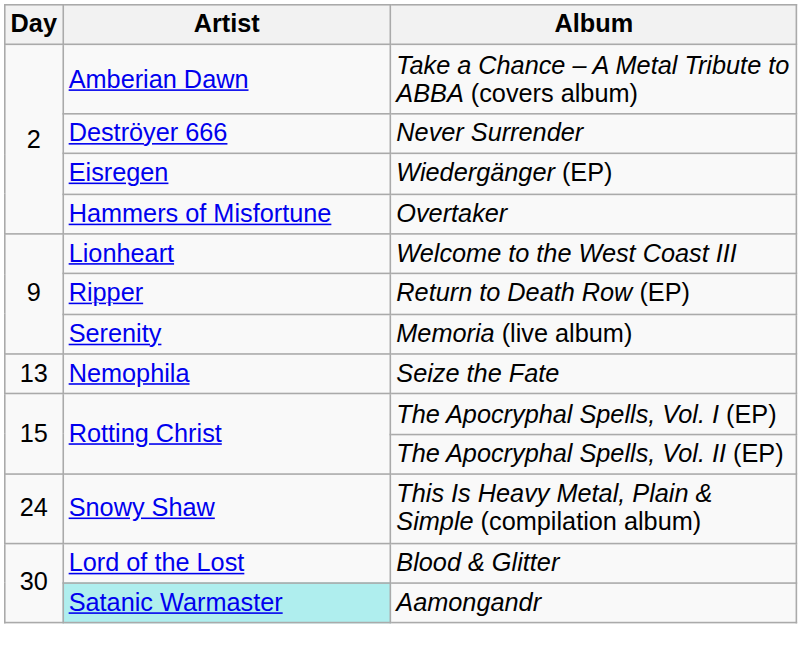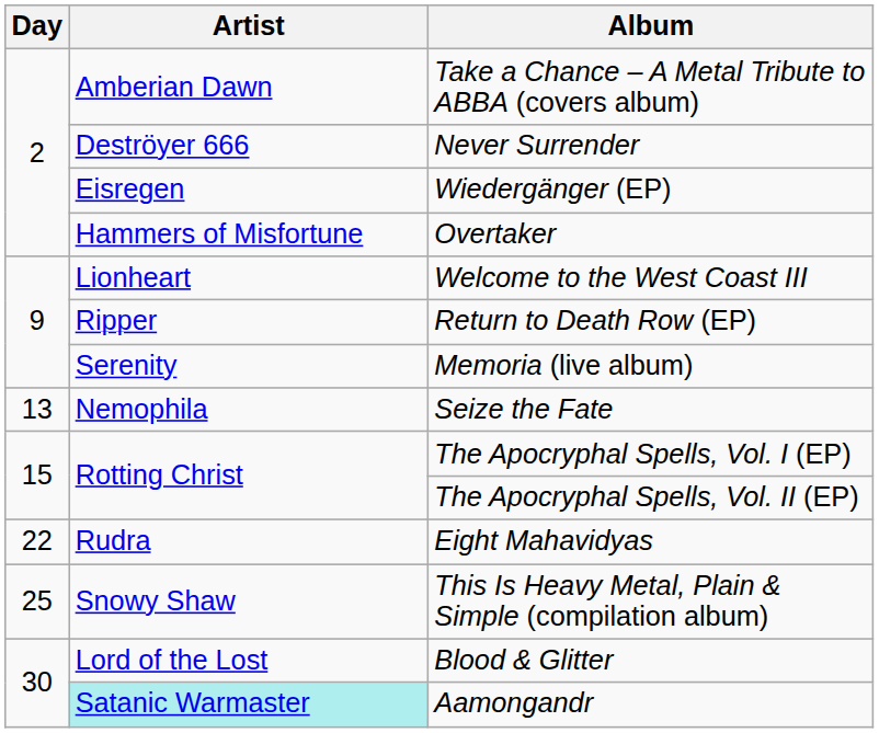 <table class="wikitable" id="table_December">
 <tr>
 <th style="width:20px;">Day</th>
 <th style="width:200px;">Artist</th>
 <th style="width:250px;">Album</th>
 </tr>
 <tr>
 <td style="text-align:center;" rowspan="4">2</td>
 <td><a href='#'>Amberian Dawn</a></td>
 <td><em>Take a Chance – A Metal Tribute to ABBA</em> (covers album)</td>
 </tr>
 <tr>
 <td><a href='#'>Deströyer 666</a></td>
 <td><em>Never Surrender</em></td>
 </tr>
 <tr>
 <td><a href='#'>Eisregen</a></td>
 <td><em>Wiedergänger</em> (EP)</td>
 </tr>
 <tr>
 <td><a href='#'>Hammers of Misfortune</a></td>
 <td><em>Overtaker</em></td>
 </tr>
 <tr>
 <td style="text-align:center;" rowspan="3">9</td>
 <td><a href='#'>Lionheart</a></td>
 <td><em>Welcome to the West Coast III</em></td>
 </tr>
 <tr>
 <td><a href='#'>Ripper</a></td>
 <td><em>Return to Death Row</em> (EP)</td>
 </tr>
 <tr>
 <td><a href='#'>Serenity</a></td>
 <td><em>Memoria</em> (live album)</td>
 </tr>
 <tr>
 <td style="text-align:center;">13</td>
 <td><a href='#'>Nemophila</a></td>
 <td><em>Seize the Fate</em></td>
 </tr>
 <tr>
 <td style="text-align:center;" rowspan="2">15</td>
 <td rowspan="2"><a href='#'>Rotting Christ</a></td>
 <td><em>The Apocryphal Spells, Vol. I</em> (EP)</td>
 </tr>
 <tr>
 <td><em>The Apocryphal Spells, Vol. II</em> (EP)</td>
 </tr>
 <tr>
-<td style="text-align:center;">24</td>
+<td style="text-align:center;">22</td>
+<td><a href='#'>Rudra</a></td>
+<td><em>Eight Mahavidyas</em></td>
+</tr>
+<tr>
+<td style="text-align:center;">25</td>
 <td><a href='#'>Snowy Shaw</a></td>
 <td><em>This Is Heavy Metal, Plain & Simple</em> (compilation album)</td>
 </tr>
 <tr>
 <td style="text-align:center;" rowspan="2">30</td>
 <td><a href='#'>Lord of the Lost</a></td>
 <td><em>Blood & Glitter</em></td>
 </tr>
 <tr>
 <td style="background: paleturquoise;"><a href='#'>Satanic Warmaster</a></td>
 <td><em>Aamongandr</em></td>
 </tr>
 </table>
